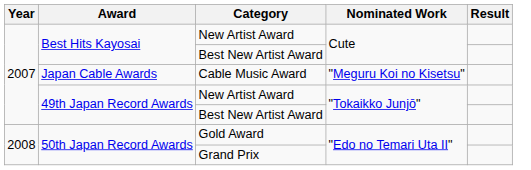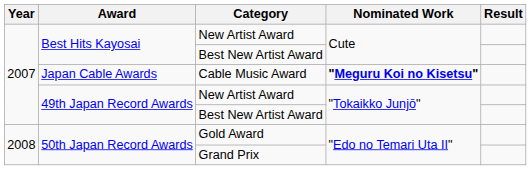 <table class="wikitable sortable">
 <tr>
 <th>Year</th>
 <th>Award</th>
 <th>Category</th>
 <th>Nominated Work</th>
 <th>Result</th>
 </tr>
 <tr>
 <td rowspan="5">2007</td>
 <td rowspan="2"><a href='#'>Best Hits Kayosai</a></td>
 <td>New Artist Award</td>
 <td rowspan="2">Cute</td>
 <td></td>
 </tr>
 <tr>
 <td>Best New Artist Award</td>
 <td></td>
 </tr>
 <tr>
 <td><a href='#'>Japan Cable Awards</a></td>
 <td>Cable Music Award</td>
-<td>"<a href='#'>Meguru Koi no Kisetsu</a>"</td>
+<td><strong>"<a href='#'>Meguru Koi no Kisetsu</a>"</strong></td>
 <td></td>
 </tr>
 <tr>
 <td rowspan="2"><a href='#'>49th Japan Record Awards</a></td>
 <td>New Artist Award</td>
 <td rowspan="2">"<a href='#'>Tokaikko Junjō</a>"</td>
 <td></td>
 </tr>
 <tr>
 <td>Best New Artist Award</td>
 <td></td>
 </tr>
 <tr>
 <td rowspan="2">2008</td>
 <td rowspan="2"><a href='#'>50th Japan Record Awards</a></td>
 <td>Gold Award</td>
 <td rowspan="2">"<a href='#'>Edo no Temari Uta II</a>"</td>
 <td></td>
 </tr>
 <tr>
 <td>Grand Prix</td>
 <td></td>
 </tr>
 </table>
